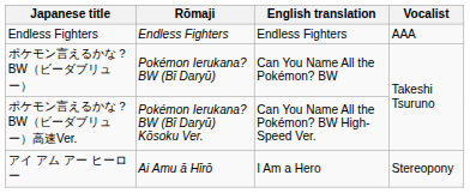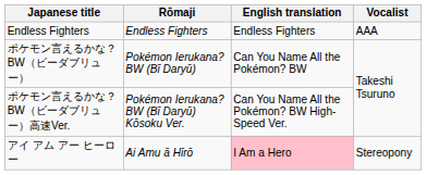 <table class="wikitable">
 <tr>
 <th>Japanese title</th>
 <th>Rōmaji</th>
 <th>English translation</th>
 <th>Vocalist</th>
 </tr>
 <tr>
 <td>Endless Fighters</td>
 <td><em>Endless Fighters</em></td>
 <td>Endless Fighters</td>
 <td>AAA</td>
 </tr>
 <tr>
 <td>ポケモン言えるかな？BW（ビーダブリュー）</td>
 <td><em>Pokémon Ierukana? BW (Bī Daryū)</em></td>
 <td>Can You Name All the Pokémon? BW</td>
 <td rowspan="2">Takeshi Tsuruno</td>
 </tr>
 <tr>
 <td>ポケモン言えるかな？BW（ビーダブリュー）高速Ver.</td>
 <td><em>Pokémon Ierukana? BW (Bī Daryū) Kōsoku Ver.</em></td>
 <td>Can You Name All the Pokémon? BW High-Speed Ver.</td>
 </tr>
 <tr>
 <td>アイ アム アー ヒーロー</td>
 <td><em>Ai Amu ā Hīrō</em></td>
-<td>I Am a Hero</td>
+<td style="background: pink;">I Am a Hero</td>
 <td>Stereopony</td>
 </tr>
 </table>
